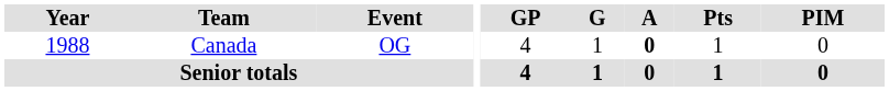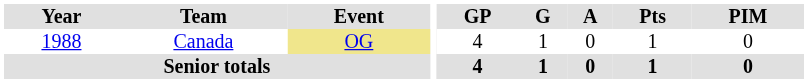 <table border="0" cellpadding="1" cellspacing="0" ID="Table3" style="text-align:center; width:40em">
 <tr ALIGN="center" bgcolor="#e0e0e0">
 <th>Year</th>
 <th>Team</th>
 <th>Event</th>
 <th rowspan="99" bgcolor="#ffffff"></th>
 <th>GP</th>
 <th>G</th>
 <th>A</th>
 <th>Pts</th>
 <th>PIM</th>
 </tr>
 <tr>
 <td><a href='#'>1988</a></td>
 <td><a href='#'>Canada</a></td>
-<td><a href='#'>OG</a></td>
+<td style="background: khaki;"><a href='#'>OG</a></td>
 <td>4</td>
 <td>1</td>
-<td><strong>0</strong></td>
+<td>0</td>
 <td>1</td>
 <td>0</td>
 </tr>
 <tr bgcolor="#e0e0e0">
 <th colspan="3">Senior totals</th>
 <th>4</th>
 <th>1</th>
 <th>0</th>
 <th>1</th>
 <th>0</th>
 </tr>
 </table>
